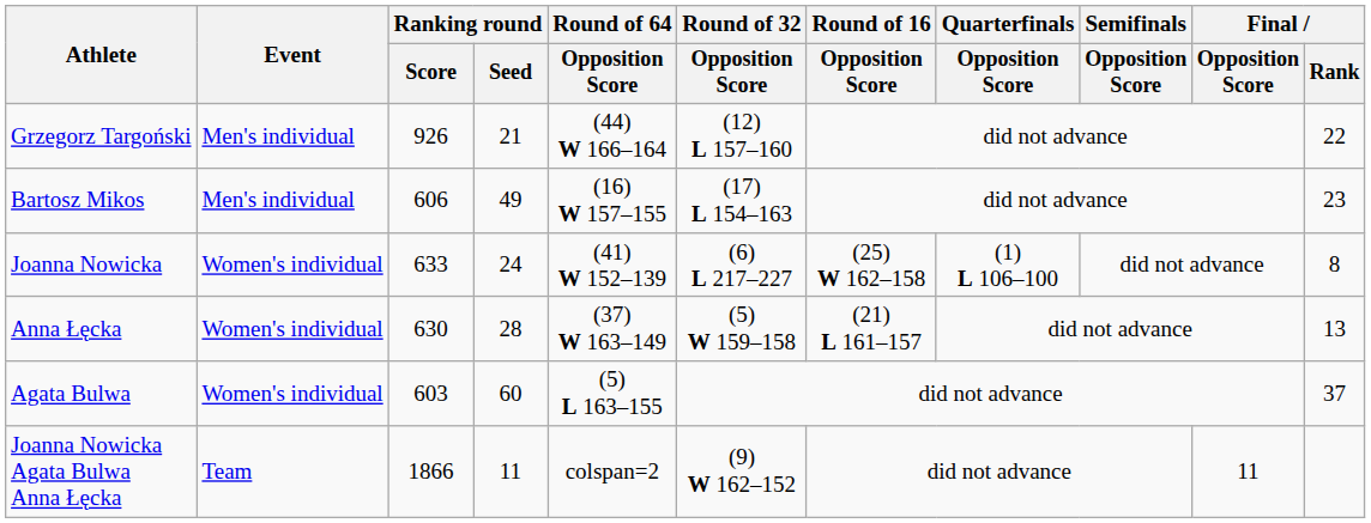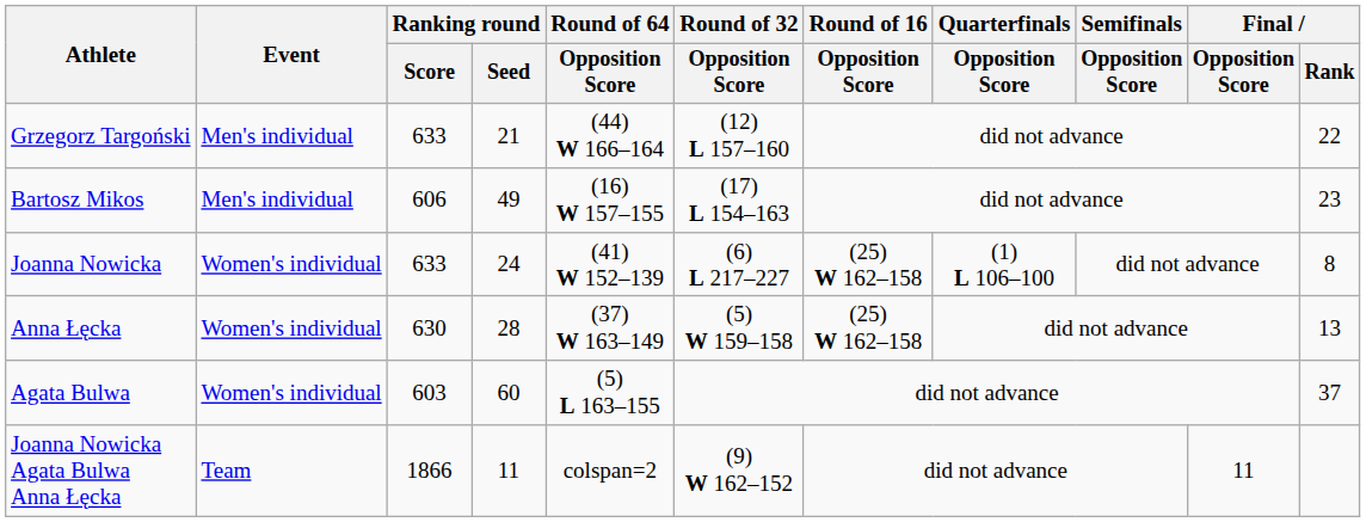 <table class="wikitable" style="font-size:90%">
 <tr>
 <th rowspan="2">Athlete</th>
 <th rowspan="2">Event</th>
 <th colspan="2">Ranking round</th>
 <th>Round of 64</th>
 <th>Round of 32</th>
 <th>Round of 16</th>
 <th>Quarterfinals</th>
 <th>Semifinals</th>
 <th colspan="2">Final / </th>
 </tr>
 <tr style="font-size:95%">
 <th>Score</th>
 <th>Seed</th>
 <th>Opposition<br>Score</th>
 <th>Opposition<br>Score</th>
 <th>Opposition<br>Score</th>
 <th>Opposition<br>Score</th>
 <th>Opposition<br>Score</th>
 <th>Opposition<br>Score</th>
 <th>Rank</th>
 </tr>
 <tr align=center>
 <td align=left><a href='#'>Grzegorz Targoński</a></td>
 <td align=left><a href='#'>Men's individual</a></td>
-<td>926</td>
+<td>633</td>
 <td>21</td>
 <td> (44) <br><strong>W</strong> 166–164</td>
 <td> (12) <br><strong>L</strong> 157–160</td>
 <td colspan=4>did not advance</td>
 <td>22</td>
 </tr>
 <tr align=center>
 <td align=left><a href='#'>Bartosz Mikos</a></td>
 <td align=left><a href='#'>Men's individual</a></td>
 <td>606</td>
 <td>49</td>
 <td> (16) <br><strong>W</strong> 157–155</td>
 <td> (17) <br><strong>L</strong> 154–163</td>
 <td colspan=4>did not advance</td>
 <td>23</td>
 </tr>
 <tr align=center>
 <td align=left><a href='#'>Joanna Nowicka</a></td>
 <td align=left><a href='#'>Women's individual</a></td>
 <td>633</td>
 <td>24</td>
 <td> (41)<br><strong>W</strong> 152–139</td>
 <td> (6)<br><strong>L</strong> 217–227</td>
 <td> (25)<br><strong>W</strong> 162–158</td>
 <td> (1)<br><strong>L</strong> 106–100</td>
 <td colspan=2>did not advance</td>
 <td>8</td>
 </tr>
 <tr align=center>
 <td align=left><a href='#'>Anna Łęcka</a></td>
 <td align=left><a href='#'>Women's individual</a></td>
 <td>630</td>
 <td>28</td>
 <td> (37)<br><strong>W</strong> 163–149</td>
 <td> (5)<br><strong>W</strong> 159–158</td>
-<td> (21)<br><strong>L</strong> 161–157</td>
+<td> (25)<br><strong>W</strong> 162–158</td>
 <td colspan=3>did not advance</td>
 <td>13</td>
 </tr>
 <tr align=center>
 <td align=left><a href='#'>Agata Bulwa</a></td>
 <td align=left><a href='#'>Women's individual</a></td>
 <td>603</td>
 <td>60</td>
 <td> (5)<br><strong>L</strong> 163–155</td>
 <td colspan=5>did not advance</td>
 <td>37</td>
 </tr>
 <tr align=center>
 <td align=left><a href='#'>Joanna Nowicka</a><br><a href='#'>Agata Bulwa</a><br><a href='#'>Anna Łęcka</a></td>
 <td align=left><a href='#'>Team</a></td>
 <td>1866</td>
 <td>11</td>
 <td>colspan=2 </td>
 <td> (9)<br><strong>W</strong> 162–152</td>
 <td colspan=3>did not advance</td>
 <td>11</td>
 </tr>
 </table>
